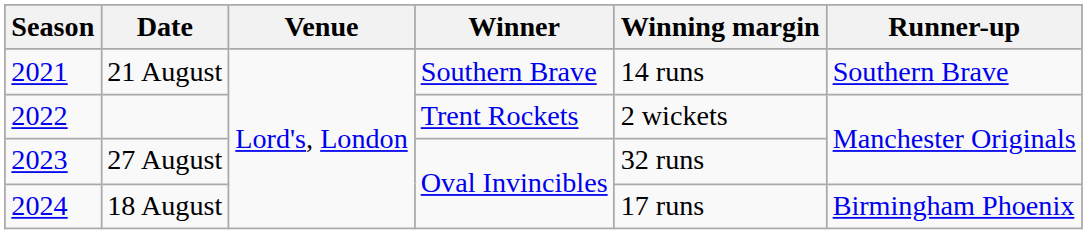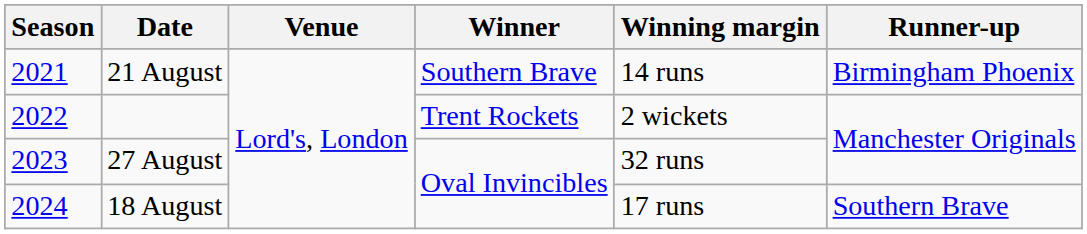 <table class="wikitable">
 <tr>
 <th>Season</th>
 <th>Date</th>
 <th>Venue</th>
 <th>Winner</th>
 <th>Winning margin</th>
 <th>Runner-up</th>
 </tr>
 <tr>
 <td><a href='#'>2021</a></td>
 <td>21 August</td>
 <td rowspan="4"><a href='#'>Lord's</a>, <a href='#'>London</a></td>
 <td><a href='#'>Southern Brave</a></td>
 <td>14 runs<br></td>
-<td><a href='#'>Southern Brave</a></td>
+<td><a href='#'>Birmingham Phoenix</a></td>
 </tr>
 <tr>
 <td><a href='#'>2022</a></td>
 <td></td>
 <td><a href='#'>Trent Rockets</a></td>
 <td>2 wickets<br></td>
 <td rowspan="2"><a href='#'>Manchester Originals</a></td>
 </tr>
 <tr>
 <td><a href='#'>2023</a></td>
 <td>27 August</td>
 <td rowspan="2"><a href='#'>Oval Invincibles</a></td>
 <td>32 runs<br></td>
 </tr>
 <tr>
 <td><a href='#'>2024</a></td>
 <td>18 August</td>
 <td>17 runs<br></td>
-<td><a href='#'>Birmingham Phoenix</a></td>
+<td><a href='#'>Southern Brave</a></td>
 </tr>
 </table>
